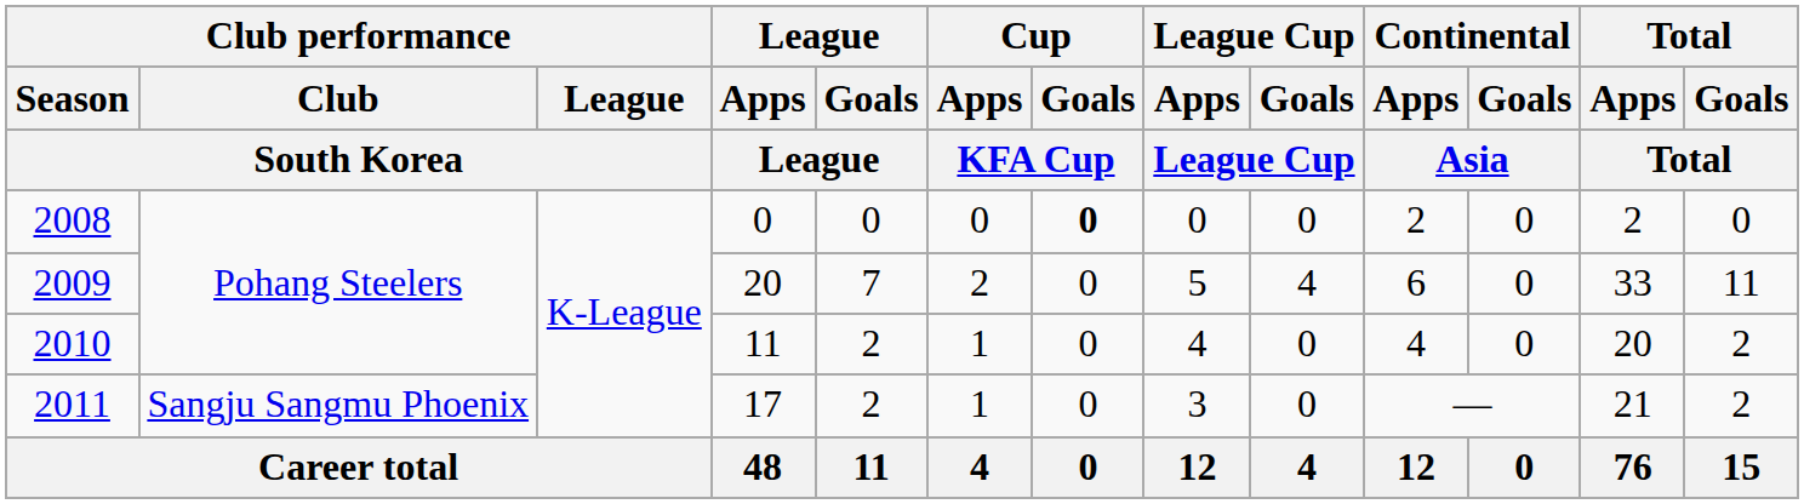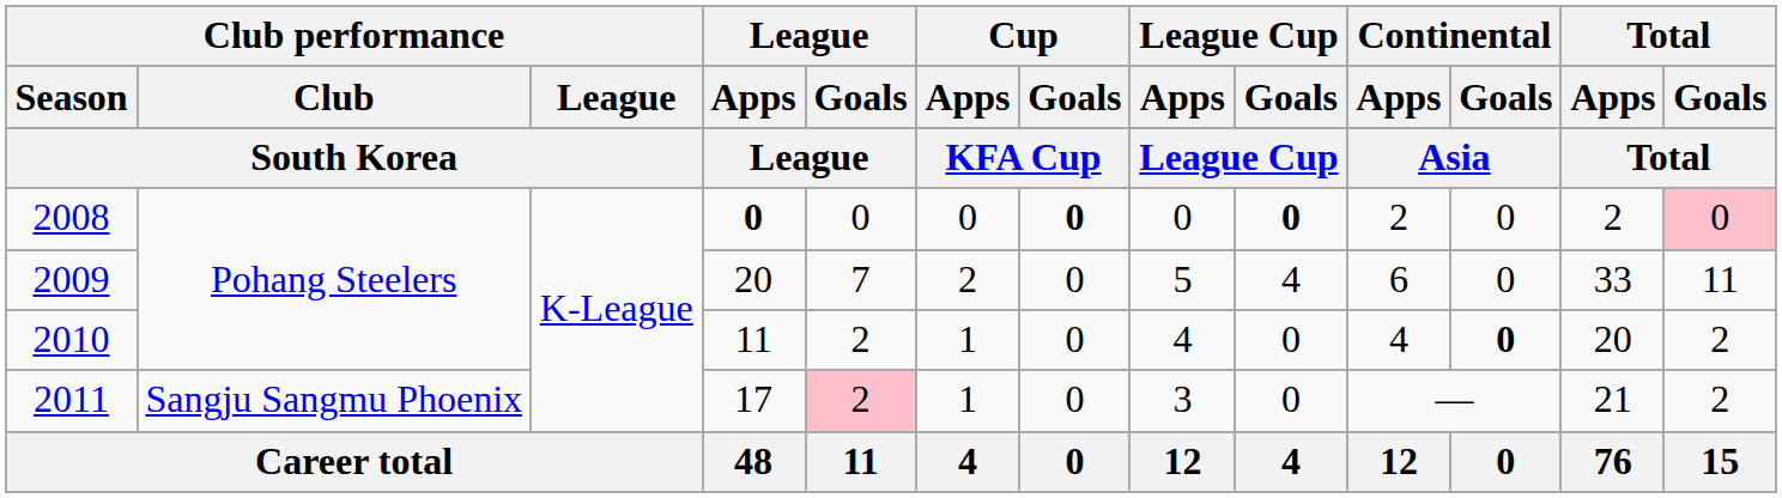 <table class="wikitable" style="text-align:center">
 <tr>
 <th colspan=3>Club performance</th>
 <th colspan=2>League</th>
 <th colspan=2>Cup</th>
 <th colspan=2>League Cup</th>
 <th colspan=2>Continental</th>
 <th colspan=2>Total</th>
 </tr>
 <tr>
 <th>Season</th>
 <th>Club</th>
 <th>League</th>
 <th>Apps</th>
 <th>Goals</th>
 <th>Apps</th>
 <th>Goals</th>
 <th>Apps</th>
 <th>Goals</th>
 <th>Apps</th>
 <th>Goals</th>
 <th>Apps</th>
 <th>Goals</th>
 </tr>
 <tr>
 </tr>
 <tr>
 <th colspan=3>South Korea</th>
 <th colspan=2>League</th>
 <th colspan=2><a href='#'>KFA Cup</a></th>
 <th colspan=2><a href='#'>League Cup</a></th>
 <th colspan=2><a href='#'>Asia</a></th>
 <th colspan=2>Total</th>
 </tr>
 <tr>
 <td><a href='#'>2008</a></td>
 <td rowspan=3><a href='#'>Pohang Steelers</a></td>
 <td rowspan=4><a href='#'>K-League</a></td>
-<td>0</td>
+<td><strong>0</strong></td>
 <td>0</td>
 <td>0</td>
 <td><strong>0</strong></td>
 <td>0</td>
-<td>0</td>
+<td><strong>0</strong></td>
 <td>2</td>
 <td>0</td>
 <td>2</td>
-<td>0</td>
+<td style="background: pink;">0</td>
 </tr>
 <tr>
 <td><a href='#'>2009</a></td>
 <td>20</td>
 <td>7</td>
 <td>2</td>
 <td>0</td>
 <td>5</td>
 <td>4</td>
 <td>6</td>
 <td>0</td>
 <td>33</td>
 <td>11</td>
 </tr>
 <tr>
 <td><a href='#'>2010</a></td>
 <td>11</td>
 <td>2</td>
 <td>1</td>
 <td>0</td>
 <td>4</td>
 <td>0</td>
 <td>4</td>
-<td>0</td>
+<td><strong>0</strong></td>
 <td>20</td>
 <td>2</td>
 </tr>
 <tr>
 <td><a href='#'>2011</a></td>
 <td rowspan=1><a href='#'>Sangju Sangmu Phoenix</a></td>
 <td>17</td>
-<td>2</td>
+<td style="background: pink;">2</td>
 <td>1</td>
 <td>0</td>
 <td>3</td>
 <td>0</td>
 <td colspan=2>—</td>
 <td>21</td>
 <td>2</td>
 </tr>
 <tr>
 </tr>
 <tr>
 <th colspan=3>Career total</th>
 <th>48</th>
 <th>11</th>
 <th>4</th>
 <th>0</th>
 <th>12</th>
 <th>4</th>
 <th>12</th>
 <th>0</th>
 <th>76</th>
 <th>15</th>
 </tr>
 </table>
